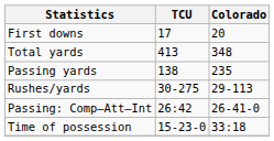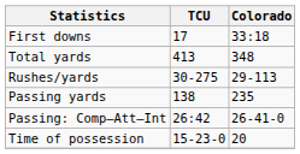 <table class="wikitable" style="float: left;">
 <tr>
 <th>Statistics</th>
 <th>TCU</th>
 <th>Colorado</th>
 </tr>
 <tr>
 <td>First downs</td>
 <td>17</td>
-<td>20</td>
+<td>33:18</td>
 </tr>
 <tr>
 <td>Total yards</td>
 <td>413</td>
 <td>348</td>
 </tr>
 <tr>
+<td>Rushes/yards</td>
+<td>30-275</td>
+<td>29-113</td>
+</tr>
+<tr>
 <td>Passing yards</td>
 <td>138</td>
 <td>235</td>
-</tr>
-<tr>
-<td>Rushes/yards</td>
-<td>30-275</td>
-<td>29-113</td>
 </tr>
 <tr>
 <td>Passing: Comp–Att–Int</td>
 <td>26:42</td>
 <td>26-41-0</td>
 </tr>
 <tr>
 <td>Time of possession</td>
 <td>15-23-0</td>
-<td>33:18</td>
+<td>20</td>
 </tr>
 <tr>
 </tr>
 </table>
